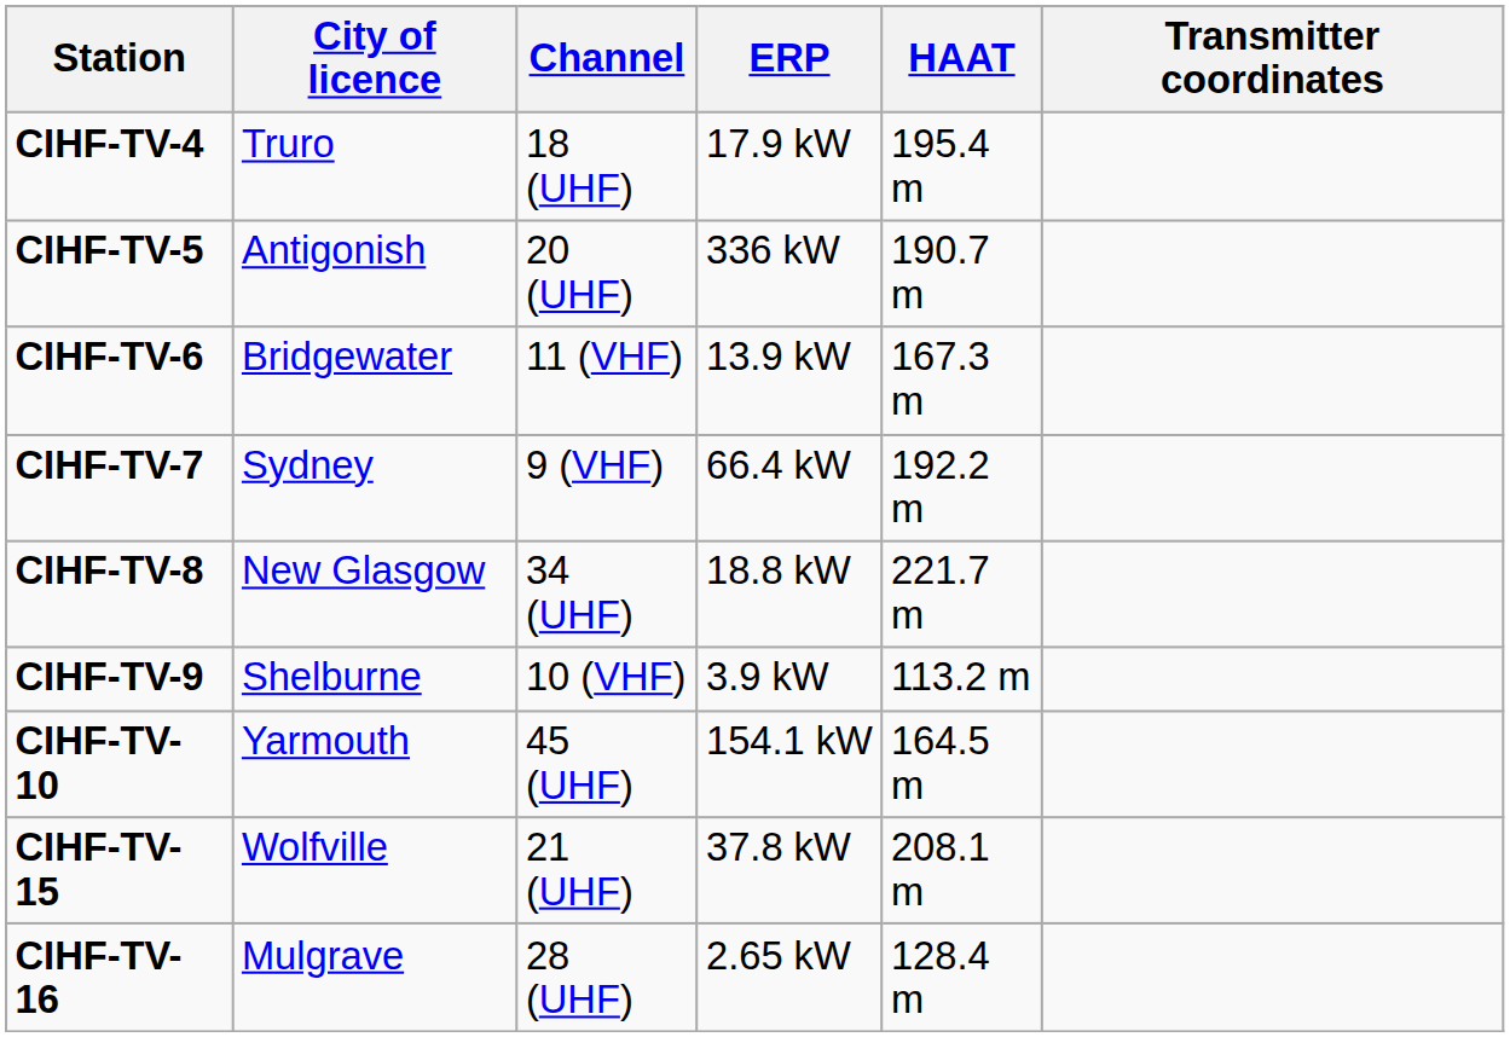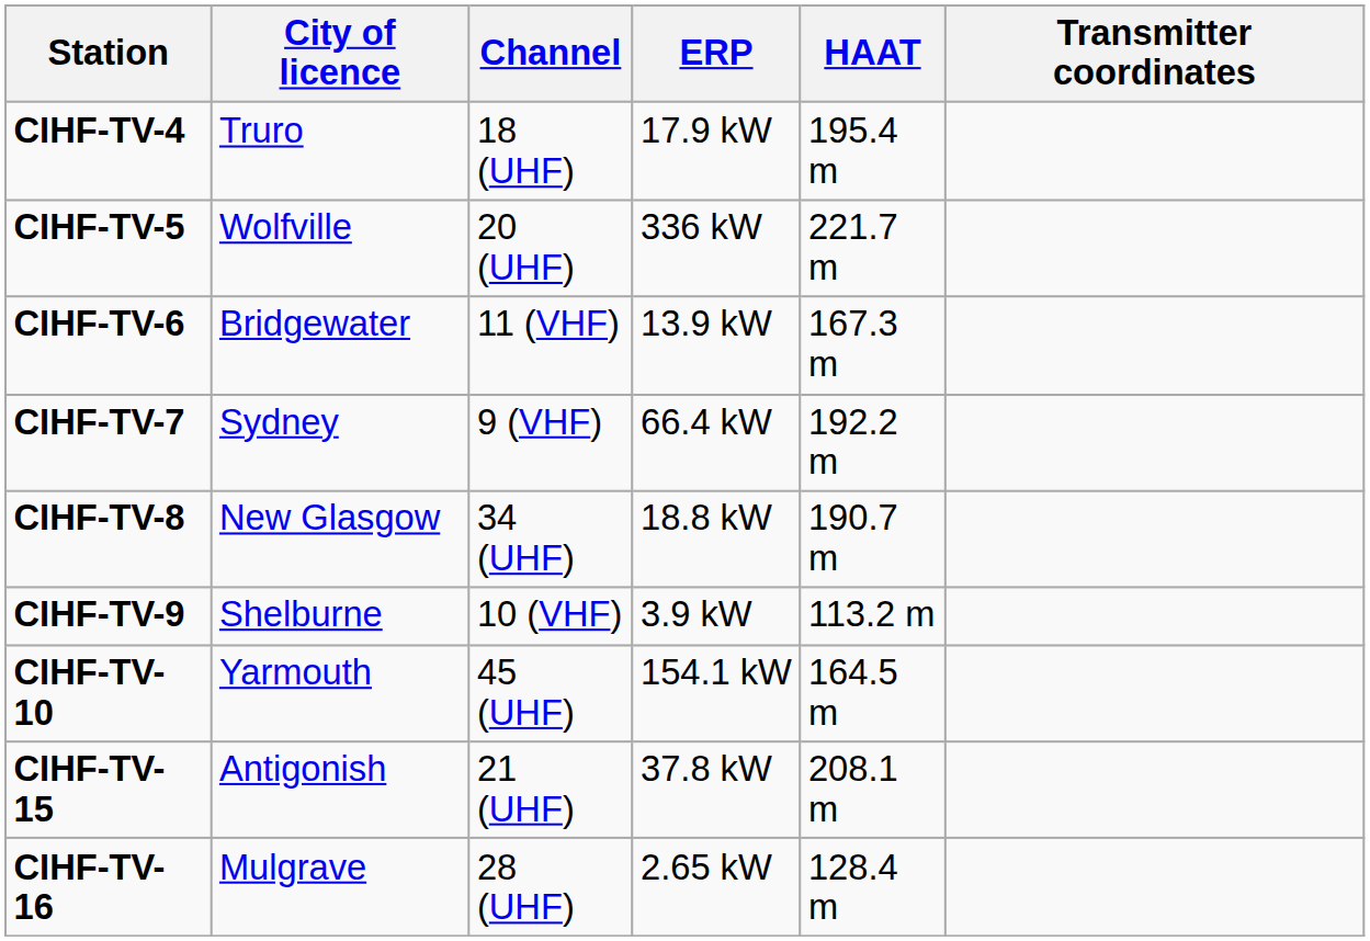 <table class="wikitable">
 <tr>
 <th>Station</th>
 <th><a href='#'>City of licence</a></th>
 <th><a href='#'>Channel</a></th>
 <th><a href='#'>ERP</a></th>
 <th><a href='#'>HAAT</a></th>
 <th>Transmitter coordinates</th>
 </tr>
 <tr style="vertical-align: top; text-align: left;">
 <td><strong>CIHF-TV-4</strong></td>
 <td><a href='#'>Truro</a></td>
 <td>18 (<a href='#'>UHF</a>)</td>
 <td>17.9 kW</td>
 <td>195.4 m</td>
 <td></td>
 </tr>
 <tr style="vertical-align: top; text-align: left;">
 <td><strong>CIHF-TV-5</strong></td>
-<td><a href='#'>Antigonish</a></td>
+<td><a href='#'>Wolfville</a></td>
 <td>20 (<a href='#'>UHF</a>)</td>
 <td>336 kW</td>
-<td>190.7 m</td>
+<td>221.7 m</td>
 <td></td>
 </tr>
 <tr style="vertical-align: top; text-align: left;">
 <td><strong>CIHF-TV-6</strong></td>
 <td><a href='#'>Bridgewater</a></td>
 <td>11 (<a href='#'>VHF</a>)</td>
 <td>13.9 kW</td>
 <td>167.3 m</td>
 <td></td>
 </tr>
 <tr style="vertical-align: top; text-align: left;">
 <td><strong>CIHF-TV-7</strong></td>
 <td><a href='#'>Sydney</a></td>
 <td>9 (<a href='#'>VHF</a>)</td>
 <td>66.4 kW</td>
 <td>192.2 m</td>
 <td></td>
 </tr>
 <tr style="vertical-align: top; text-align: left;">
 <td><strong>CIHF-TV-8</strong></td>
 <td><a href='#'>New Glasgow</a></td>
 <td>34 (<a href='#'>UHF</a>)</td>
 <td>18.8 kW</td>
-<td>221.7 m</td>
+<td>190.7 m</td>
 <td></td>
 </tr>
 <tr style="vertical-align: top; text-align: left;">
 <td><strong>CIHF-TV-9</strong></td>
 <td><a href='#'>Shelburne</a></td>
 <td>10 (<a href='#'>VHF</a>)</td>
 <td>3.9 kW</td>
 <td>113.2 m</td>
 <td></td>
 </tr>
 <tr style="vertical-align: top; text-align: left;">
 <td><strong>CIHF-TV-10</strong></td>
 <td><a href='#'>Yarmouth</a></td>
 <td>45 (<a href='#'>UHF</a>)</td>
 <td>154.1 kW</td>
 <td>164.5 m</td>
 <td></td>
 </tr>
 <tr style="vertical-align: top; text-align: left;">
 <td><strong>CIHF-TV-15</strong></td>
-<td><a href='#'>Wolfville</a></td>
+<td><a href='#'>Antigonish</a></td>
 <td>21 (<a href='#'>UHF</a>)</td>
 <td>37.8 kW</td>
 <td>208.1 m</td>
 <td></td>
 </tr>
 <tr style="vertical-align: top; text-align: left;">
 <td><strong>CIHF-TV-16</strong></td>
 <td><a href='#'>Mulgrave</a></td>
 <td>28 (<a href='#'>UHF</a>)</td>
 <td>2.65 kW</td>
 <td>128.4 m</td>
 <td></td>
 </tr>
 <tr style="vertical-align: top; text-align: left;">
 </tr>
 </table>
